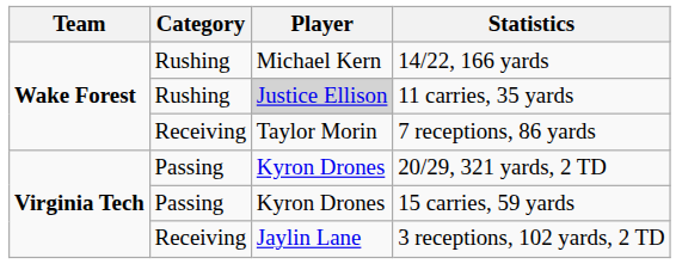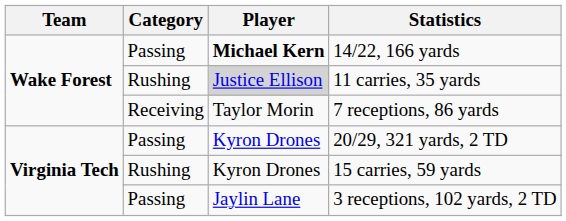 <table class="wikitable" style="float: right;">
 <tr>
 <th>Team</th>
 <th>Category</th>
 <th>Player</th>
 <th>Statistics</th>
 </tr>
 <tr>
 <td rowspan=3><strong>Wake Forest</strong></td>
-<td>Rushing</td>
-<td>Michael Kern</td>
+<td>Passing</td>
+<td><strong>Michael Kern</strong></td>
 <td>14/22, 166 yards</td>
 </tr>
 <tr>
 <td>Rushing</td>
 <td style="background: lightgrey;"><a href='#'>Justice Ellison</a></td>
 <td>11 carries, 35 yards</td>
 </tr>
 <tr>
 <td>Receiving</td>
 <td>Taylor Morin</td>
 <td>7 receptions, 86 yards</td>
 </tr>
 <tr>
 <td rowspan=3><strong>Virginia Tech</strong></td>
 <td>Passing</td>
 <td><a href='#'>Kyron Drones</a></td>
 <td>20/29, 321 yards, 2 TD</td>
 </tr>
 <tr>
-<td>Passing</td>
+<td>Rushing</td>
 <td>Kyron Drones</td>
 <td>15 carries, 59 yards</td>
 </tr>
 <tr>
-<td>Receiving</td>
+<td>Passing</td>
 <td><a href='#'>Jaylin Lane</a></td>
 <td>3 receptions, 102 yards, 2 TD</td>
 </tr>
 </table>
